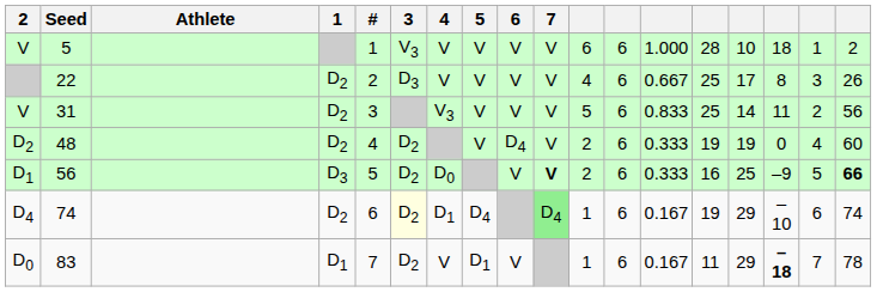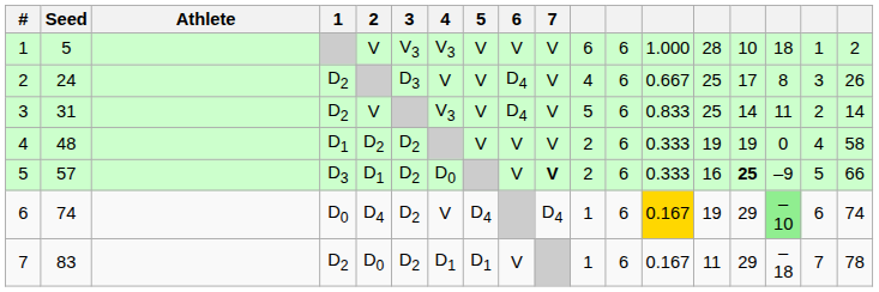 <table class="wikitable" style="text-align:center">
 <tr>
-<th width="25">2</th>
+<th width="25">#</th>
 <th width="25">Seed</th>
 <th width="200">Athlete</th>
 <th width="25">1</th>
-<th width="25">#</th>
+<th width="25">2</th>
 <th width="25">3</th>
 <th width="25">4</th>
 <th width="25">5</th>
 <th width="25">6</th>
 <th width="25">7</th>
 <th width="25"></th>
 <th width="25"></th>
 <th width="40"></th>
 <th width="25"></th>
 <th width="25"></th>
 <th width="25"></th>
 <th width="25"></th>
 <th width="25"></th>
 </tr>
 <tr bgcolor="#ccffcc">
-<td>V</td>
+<td>1</td>
 <td>5</td>
 <td align=left></td>
 <td bgcolor="#cccccc"></td>
-<td>1</td>
+<td>V</td>
 <td>V<sub>3</sub></td>
-<td>V</td>
+<td>V<sub>3</sub></td>
 <td>V</td>
 <td>V</td>
 <td>V</td>
 <td>6</td>
 <td>6</td>
 <td>1.000</td>
 <td>28</td>
 <td>10</td>
 <td>18</td>
 <td>1</td>
 <td>2</td>
 </tr>
 <tr bgcolor="#ccffcc">
-<td bgcolor="#cccccc"></td>
-<td>22</td>
+<td>2</td>
+<td>24</td>
 <td align=left></td>
 <td>D<sub>2</sub></td>
-<td>2</td>
+<td bgcolor="#cccccc"></td>
 <td>D<sub>3</sub></td>
 <td>V</td>
 <td>V</td>
-<td>V</td>
+<td>D<sub>4</sub></td>
 <td>V</td>
 <td>4</td>
 <td>6</td>
 <td>0.667</td>
 <td>25</td>
 <td>17</td>
 <td>8</td>
 <td>3</td>
 <td>26</td>
 </tr>
 <tr bgcolor="#ccffcc">
-<td>V</td>
+<td>3</td>
 <td>31</td>
 <td align=left></td>
 <td>D<sub>2</sub></td>
-<td>3</td>
+<td>V</td>
 <td bgcolor="#cccccc"></td>
 <td>V<sub>3</sub></td>
 <td>V</td>
-<td>V</td>
+<td>D<sub>4</sub></td>
 <td>V</td>
 <td>5</td>
 <td>6</td>
 <td>0.833</td>
 <td>25</td>
 <td>14</td>
 <td>11</td>
 <td>2</td>
-<td>56</td>
+<td>14</td>
 </tr>
 <tr bgcolor="#ccffcc">
-<td>D<sub>2</sub></td>
+<td>4</td>
 <td>48</td>
 <td align=left></td>
+<td>D<sub>1</sub></td>
 <td>D<sub>2</sub></td>
-<td>4</td>
 <td>D<sub>2</sub></td>
 <td bgcolor="#cccccc"></td>
 <td>V</td>
-<td>D<sub>4</sub></td>
+<td>V</td>
 <td>V</td>
 <td>2</td>
 <td>6</td>
 <td>0.333</td>
 <td>19</td>
 <td>19</td>
 <td>0</td>
 <td>4</td>
-<td>60</td>
+<td>58</td>
 </tr>
 <tr bgcolor="#ccffcc">
-<td>D<sub>1</sub></td>
-<td>56</td>
+<td>5</td>
+<td>57</td>
 <td align=left></td>
 <td>D<sub>3</sub></td>
-<td>5</td>
+<td>D<sub>1</sub></td>
 <td>D<sub>2</sub></td>
 <td>D<sub>0</sub></td>
 <td bgcolor="#cccccc"></td>
 <td>V</td>
 <td><strong>V</strong></td>
 <td>2</td>
 <td>6</td>
 <td>0.333</td>
 <td>16</td>
-<td>25</td>
+<td><strong>25</strong></td>
 <td>–9</td>
 <td>5</td>
-<td><strong>66</strong></td>
+<td>66</td>
 </tr>
 <tr>
-<td>D<sub>4</sub></td>
+<td>6</td>
 <td>74</td>
 <td align=left></td>
+<td>D<sub>0</sub></td>
+<td>D<sub>4</sub></td>
 <td>D<sub>2</sub></td>
-<td>6</td>
-<td style="background: lightyellow;">D<sub>2</sub></td>
-<td>D<sub>1</sub></td>
+<td>V</td>
 <td>D<sub>4</sub></td>
 <td bgcolor="#cccccc"></td>
-<td style="background: lightgreen;">D<sub>4</sub></td>
+<td>D<sub>4</sub></td>
 <td>1</td>
 <td>6</td>
-<td>0.167</td>
+<td style="background: gold;">0.167</td>
 <td>19</td>
 <td>29</td>
-<td>–10</td>
+<td style="background: lightgreen;">–10</td>
 <td>6</td>
 <td>74</td>
 </tr>
 <tr>
-<td>D<sub>0</sub></td>
+<td>7</td>
 <td>83</td>
 <td align=left></td>
+<td>D<sub>2</sub></td>
+<td>D<sub>0</sub></td>
+<td>D<sub>2</sub></td>
 <td>D<sub>1</sub></td>
-<td>7</td>
-<td>D<sub>2</sub></td>
-<td>V</td>
 <td>D<sub>1</sub></td>
 <td>V</td>
 <td bgcolor="#cccccc"></td>
 <td>1</td>
 <td>6</td>
 <td>0.167</td>
 <td>11</td>
 <td>29</td>
-<td><strong>–18</strong></td>
+<td>–18</td>
 <td>7</td>
 <td>78</td>
 </tr>
 </table>
